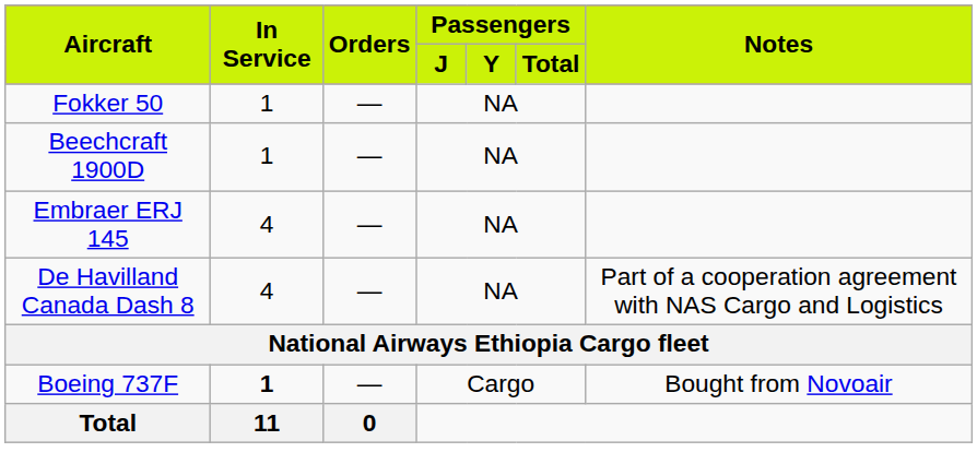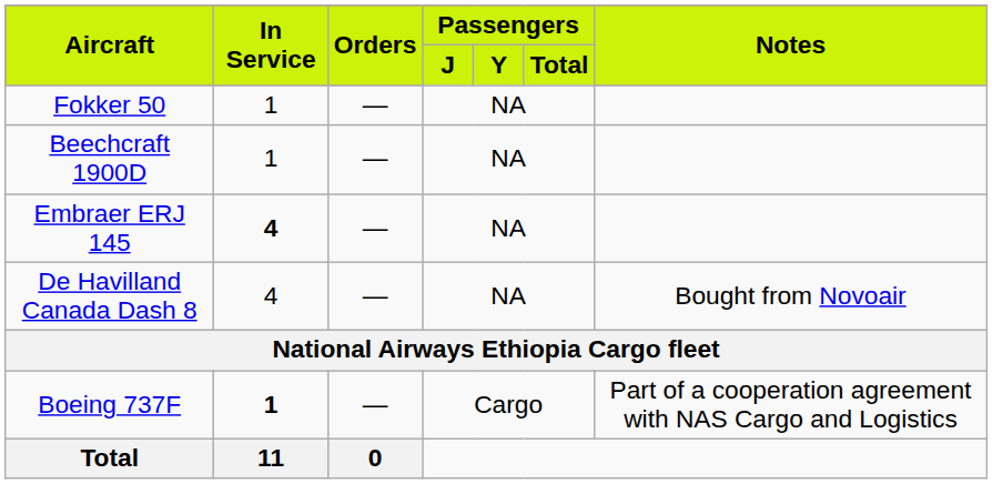 <table class="wikitable" style="margin:1em auto; text-align:center;">
 <tr bgcolor=#cbf207;>
 <th rowspan=2 style="background:#cbf207; color:black; width:125px">Aircraft</th>
 <th rowspan=2 style="background:#cbf207; color:black;">In Service</th>
 <th rowspan=2 style="background:#cbf207; color:black;">Orders</th>
 <th colspan=3 style="background:#cbf207; color:black;">Passengers</th>
 <th rowspan=2 style="background:#cbf207; color:black;">Notes</th>
 </tr>
 <tr>
 <th style="background:#cbf207; color:black; width:25px;"><abbr>J</abbr></th>
 <th style="background:#cbf207; color:black; width:25px;"><abbr>Y</abbr></th>
 <th style="background:#cbf207; color:black; width:25px;">Total</th>
 </tr>
 <tr>
 <td><a href='#'>Fokker 50</a></td>
 <td>1</td>
 <td>—</td>
 <td colspan="3"><abbr>NA</abbr></td>
 <td></td>
 </tr>
 <tr>
 <td><a href='#'>Beechcraft 1900D</a></td>
 <td>1</td>
 <td>—</td>
 <td colspan="3"><abbr>NA</abbr></td>
 <td></td>
 </tr>
 <tr>
 <td><a href='#'>Embraer ERJ 145</a></td>
-<td>4</td>
+<td><strong>4</strong></td>
 <td>—</td>
 <td colspan="3"><abbr>NA</abbr></td>
 <td></td>
 </tr>
 <tr>
 <td><a href='#'>De Havilland Canada Dash 8</a></td>
 <td>4</td>
 <td>—</td>
 <td colspan="3"><abbr>NA</abbr></td>
-<td>Part of a cooperation agreement with NAS Cargo and Logistics</td>
+<td>Bought from <a href='#'>Novoair</a></td>
 </tr>
 <tr>
 <th colspan="7" scope="row">National Airways Ethiopia Cargo fleet</th>
 </tr>
 <tr>
 <td><a href='#'>Boeing 737F</a></td>
 <td><strong>1</strong></td>
 <td>—</td>
 <td colspan="3"><abbr>Cargo</abbr></td>
-<td>Bought from <a href='#'>Novoair</a></td>
+<td>Part of a cooperation agreement with NAS Cargo and Logistics</td>
 </tr>
 <tr>
 <th>Total</th>
 <th>11</th>
 <th>0</th>
 </tr>
 </table>
